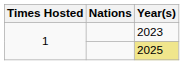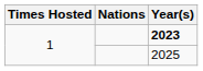 <table class="wikitable">
 <tr>
 <th>Times Hosted</th>
 <th>Nations</th>
 <th>Year(s)</th>
 </tr>
 <tr>
 <td style="text-align:center;" rowspan=2>1</td>
 <td></td>
-<td>2023</td>
+<td><strong>2023</strong></td>
 </tr>
 <tr>
 <td></td>
-<td style="background: khaki;">2025</td>
+<td>2025</td>
 </tr>
 </table>
